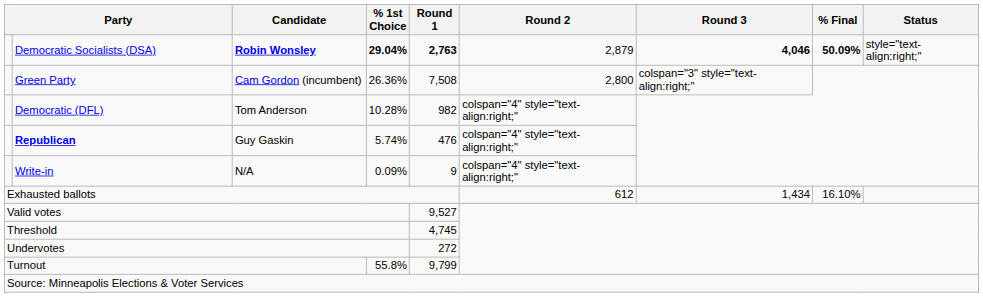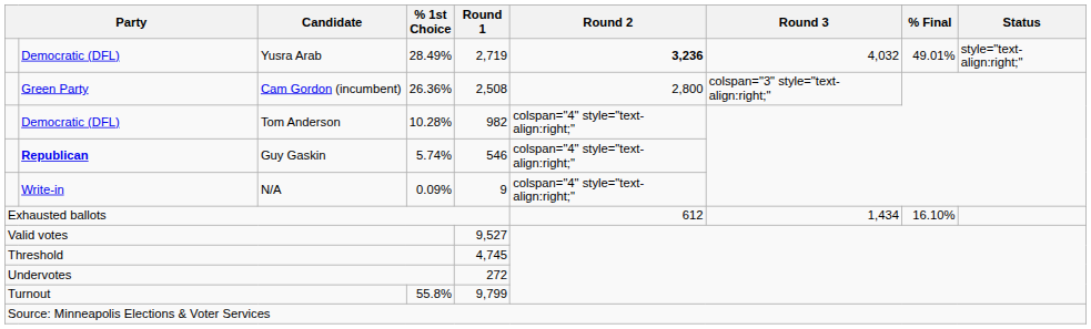 <table class="wikitable" style="font-size: 90%;">
 <tr>
 <th colspan="2" style="width:290px">Party</th>
 <th style="width:165px">Candidate</th>
 <th>% 1st<br>Choice</th>
 <th>Round 1</th>
 <th>Round 2</th>
 <th>Round 3</th>
 <th style="width:58px;">% Final</th>
 <th>Status</th>
 </tr>
 <tr>
 <td style="background-color:"></td>
-<td><a href='#'>Democratic Socialists (DSA)</a></td>
-<td><strong><a href='#'>Robin Wonsley</a></strong></td>
-<td align="right"><strong>29.04%</strong></td>
-<td align="right"><strong>2,763</strong></td>
-<td align="right">2,879</td>
-<td align="right"><strong>4,046</strong></td>
-<td align="right"><strong>50.09%</strong></td>
+<td><a href='#'>Democratic (DFL)</a></td>
+<td>Yusra Arab</td>
+<td align="right">28.49%</td>
+<td align="right">2,719</td>
+<td align="right"><strong>3,236</strong></td>
+<td align="right">4,032</td>
+<td align="right">49.01%</td>
 <td>style="text-align:right;" </td>
 </tr>
 <tr>
 <td style="background-color:"></td>
 <td><a href='#'>Green Party</a></td>
 <td><a href='#'>Cam Gordon</a> (incumbent)</td>
 <td align="right">26.36%</td>
-<td align="right">7,508</td>
+<td align="right">2,508</td>
 <td align="right">2,800</td>
 <td>colspan="3" style="text-align:right;" </td>
 </tr>
 <tr>
 <td style="background-color:"></td>
 <td><a href='#'>Democratic (DFL)</a></td>
 <td>Tom Anderson</td>
 <td align="right">10.28%</td>
 <td align="right">982</td>
 <td>colspan="4" style="text-align:right;" </td>
 </tr>
 <tr>
 <td style="background-color:"></td>
 <td><strong><a href='#'>Republican</a></strong></td>
 <td>Guy Gaskin</td>
 <td align="right">5.74%</td>
-<td align="right">476</td>
+<td align="right">546</td>
 <td>colspan="4" style="text-align:right;" </td>
 </tr>
 <tr>
 <td style="background-color:"></td>
 <td><a href='#'>Write-in</a></td>
 <td>N/A</td>
 <td align="right">0.09%</td>
 <td align="right">9</td>
 <td>colspan="4" style="text-align:right;" </td>
 </tr>
 <tr>
 <td colspan="5">Exhausted ballots</td>
 <td align="right">612</td>
 <td align="right">1,434</td>
 <td align="right">16.10%</td>
 <td></td>
 </tr>
 <tr>
 <td colspan="4">Valid votes</td>
 <td align="right">9,527</td>
 <td colspan="4" rowspan="4"></td>
 </tr>
 <tr>
 <td colspan="4">Threshold</td>
 <td align="right">4,745</td>
 </tr>
 <tr>
 <td colspan="4">Undervotes</td>
 <td align="right">272</td>
 </tr>
 <tr>
 <td colspan="3">Turnout</td>
 <td align="right">55.8%</td>
 <td align="right">9,799</td>
 </tr>
 <tr>
 <td colspan="9">Source: Minneapolis Elections & Voter Services</td>
 </tr>
 </table>
